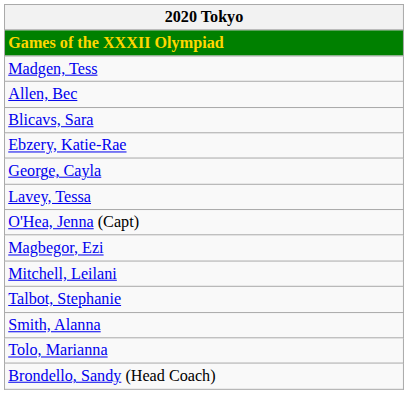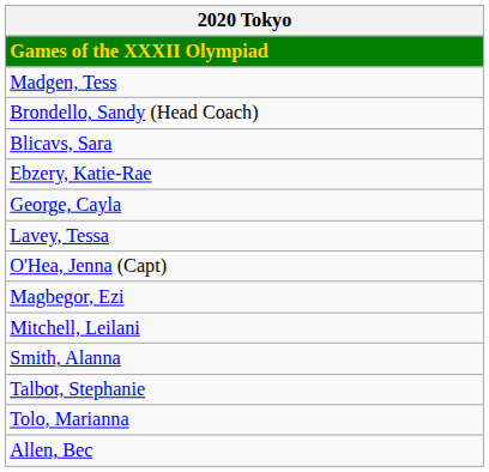 <table class="wikitable collapsible autocollapse" width=25%>
 <tr>
 <th>2020 Tokyo</th>
 </tr>
 <tr>
 <td bgcolor=green style="color:gold; width:200px"><strong>Games of the XXXII Olympiad</strong></td>
 </tr>
 <tr>
 <td><a href='#'>Madgen, Tess</a></td>
 </tr>
 <tr>
-<td><a href='#'>Allen, Bec</a></td>
+<td><a href='#'>Brondello, Sandy</a> (Head Coach)</td>
 </tr>
 <tr>
 <td><a href='#'>Blicavs, Sara</a></td>
 </tr>
 <tr>
 <td><a href='#'>Ebzery, Katie-Rae</a></td>
 </tr>
 <tr>
 <td><a href='#'>George, Cayla</a></td>
 </tr>
 <tr>
 <td><a href='#'>Lavey, Tessa</a></td>
 </tr>
 <tr>
 <td><a href='#'>O'Hea, Jenna</a> (Capt)</td>
 </tr>
 <tr>
 <td><a href='#'>Magbegor, Ezi</a></td>
 </tr>
 <tr>
 <td><a href='#'>Mitchell, Leilani</a></td>
 </tr>
 <tr>
-<td><a href='#'>Talbot, Stephanie</a></td>
+<td><a href='#'>Smith, Alanna</a></td>
 </tr>
 <tr>
-<td><a href='#'>Smith, Alanna</a></td>
+<td><a href='#'>Talbot, Stephanie</a></td>
 </tr>
 <tr>
 <td><a href='#'>Tolo, Marianna</a></td>
 </tr>
 <tr>
-<td><a href='#'>Brondello, Sandy</a> (Head Coach)</td>
+<td><a href='#'>Allen, Bec</a></td>
 </tr>
 </table>
